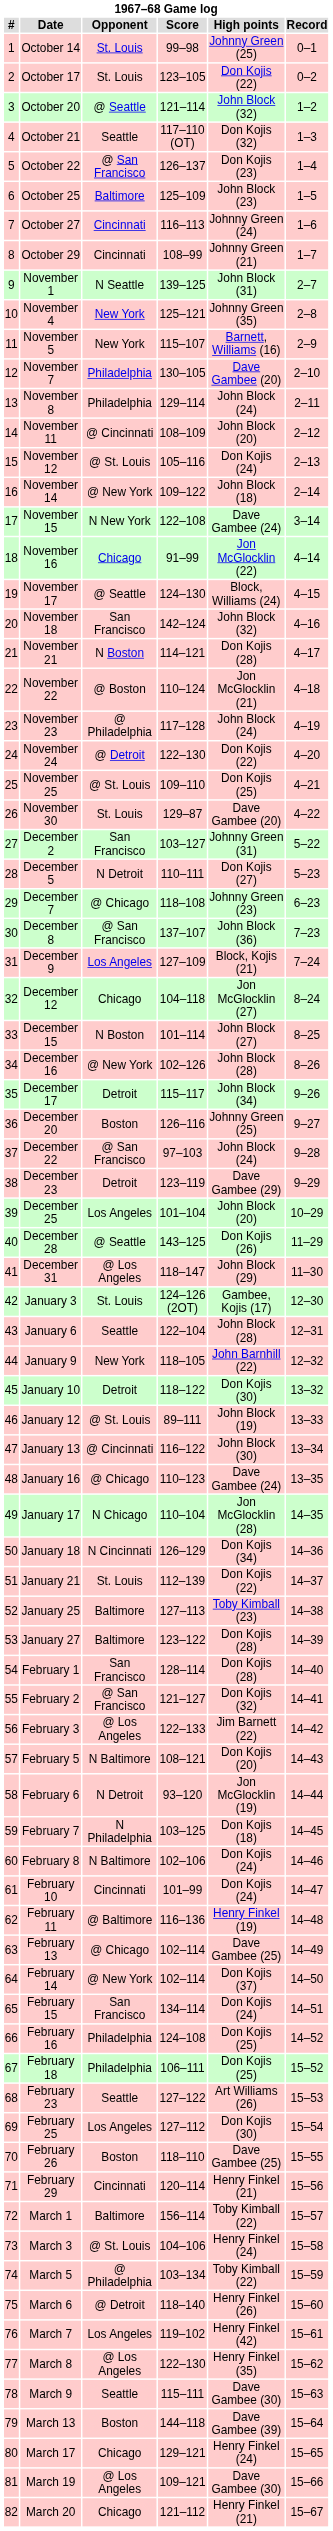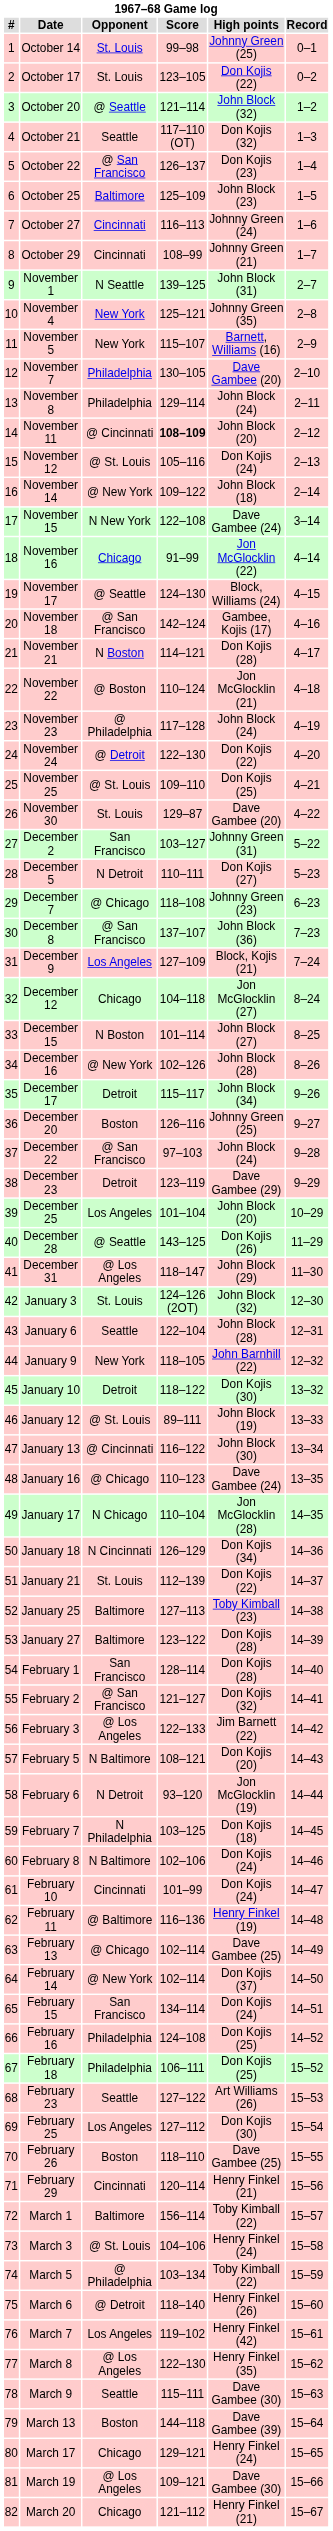 <table class="toccolours collapsible" width=50% style="clear:both; margin:1.5em auto; text-align:center">
 <tr>
 <th colspan=11>1967–68 Game log</th>
 </tr>
 <tr align="center" bgcolor="#dddddd">
 <td><strong>#</strong></td>
 <td><strong>Date</strong></td>
 <td><strong>Opponent</strong></td>
 <td><strong>Score</strong></td>
 <td><strong>High points</strong></td>
 <td><strong>Record</strong></td>
 </tr>
 <tr align="center" bgcolor="ffcccc">
 <td>1</td>
 <td>October 14</td>
 <td><a href='#'>St. Louis</a></td>
 <td>99–98</td>
 <td><a href='#'>Johnny Green</a> (25)</td>
 <td>0–1</td>
 </tr>
 <tr align="center" bgcolor="ffcccc">
 <td>2</td>
 <td>October 17</td>
 <td>St. Louis</td>
 <td>123–105</td>
 <td><a href='#'>Don Kojis</a> (22)</td>
 <td>0–2</td>
 </tr>
 <tr align="center" bgcolor="ccffcc">
 <td>3</td>
 <td>October 20</td>
 <td>@ <a href='#'>Seattle</a></td>
 <td>121–114</td>
 <td><a href='#'>John Block</a> (32)</td>
 <td>1–2</td>
 </tr>
 <tr align="center" bgcolor="ffcccc">
 <td>4</td>
 <td>October 21</td>
 <td>Seattle</td>
 <td>117–110 (OT)</td>
 <td>Don Kojis (32)</td>
 <td>1–3</td>
 </tr>
 <tr align="center" bgcolor="ffcccc">
 <td>5</td>
 <td>October 22</td>
 <td>@ <a href='#'>San Francisco</a></td>
 <td>126–137</td>
 <td>Don Kojis (23)</td>
 <td>1–4</td>
 </tr>
 <tr align="center" bgcolor="ffcccc">
 <td>6</td>
 <td>October 25</td>
 <td><a href='#'>Baltimore</a></td>
 <td>125–109</td>
 <td>John Block (23)</td>
 <td>1–5</td>
 </tr>
 <tr align="center" bgcolor="ffcccc">
 <td>7</td>
 <td>October 27</td>
 <td><a href='#'>Cincinnati</a></td>
 <td>116–113</td>
 <td>Johnny Green (24)</td>
 <td>1–6</td>
 </tr>
 <tr align="center" bgcolor="ffcccc">
 <td>8</td>
 <td>October 29</td>
 <td>Cincinnati</td>
 <td>108–99</td>
 <td>Johnny Green (21)</td>
 <td>1–7</td>
 </tr>
 <tr align="center" bgcolor="ccffcc">
 <td>9</td>
 <td>November 1</td>
 <td>N Seattle</td>
 <td>139–125</td>
 <td>John Block (31)</td>
 <td>2–7</td>
 </tr>
 <tr align="center" bgcolor="ffcccc">
 <td>10</td>
 <td>November 4</td>
 <td><a href='#'>New York</a></td>
 <td>125–121</td>
 <td>Johnny Green (35)</td>
 <td>2–8</td>
 </tr>
 <tr align="center" bgcolor="ffcccc">
 <td>11</td>
 <td>November 5</td>
 <td>New York</td>
 <td>115–107</td>
 <td><a href='#'>Barnett</a>, <a href='#'>Williams</a> (16)</td>
 <td>2–9</td>
 </tr>
 <tr align="center" bgcolor="ffcccc">
 <td>12</td>
 <td>November 7</td>
 <td><a href='#'>Philadelphia</a></td>
 <td>130–105</td>
 <td><a href='#'>Dave Gambee</a> (20)</td>
 <td>2–10</td>
 </tr>
 <tr align="center" bgcolor="ffcccc">
 <td>13</td>
 <td>November 8</td>
 <td>Philadelphia</td>
 <td>129–114</td>
 <td>John Block (24)</td>
 <td>2–11</td>
 </tr>
 <tr align="center" bgcolor="ffcccc">
 <td>14</td>
 <td>November 11</td>
 <td>@ Cincinnati</td>
-<td>108–109</td>
+<td><strong>108–109</strong></td>
 <td>John Block (20)</td>
 <td>2–12</td>
 </tr>
 <tr align="center" bgcolor="ffcccc">
 <td>15</td>
 <td>November 12</td>
 <td>@ St. Louis</td>
 <td>105–116</td>
 <td>Don Kojis (24)</td>
 <td>2–13</td>
 </tr>
 <tr align="center" bgcolor="ffcccc">
 <td>16</td>
 <td>November 14</td>
 <td>@ New York</td>
 <td>109–122</td>
 <td>John Block (18)</td>
 <td>2–14</td>
 </tr>
 <tr align="center" bgcolor="ccffcc">
 <td>17</td>
 <td>November 15</td>
 <td>N New York</td>
 <td>122–108</td>
 <td>Dave Gambee (24)</td>
 <td>3–14</td>
 </tr>
 <tr align="center" bgcolor="ccffcc">
 <td>18</td>
 <td>November 16</td>
 <td><a href='#'>Chicago</a></td>
 <td>91–99</td>
 <td><a href='#'>Jon McGlocklin</a> (22)</td>
 <td>4–14</td>
 </tr>
 <tr align="center" bgcolor="ffcccc">
 <td>19</td>
 <td>November 17</td>
 <td>@ Seattle</td>
 <td>124–130</td>
 <td>Block, Williams (24)</td>
 <td>4–15</td>
 </tr>
 <tr align="center" bgcolor="ffcccc">
 <td>20</td>
 <td>November 18</td>
-<td>San Francisco</td>
+<td>@ San Francisco</td>
 <td>142–124</td>
-<td>John Block (32)</td>
+<td>Gambee, Kojis (17)</td>
 <td>4–16</td>
 </tr>
 <tr align="center" bgcolor="ffcccc">
 <td>21</td>
 <td>November 21</td>
 <td>N <a href='#'>Boston</a></td>
 <td>114–121</td>
 <td>Don Kojis (28)</td>
 <td>4–17</td>
 </tr>
 <tr align="center" bgcolor="ffcccc">
 <td>22</td>
 <td>November 22</td>
 <td>@ Boston</td>
 <td>110–124</td>
 <td>Jon McGlocklin (21)</td>
 <td>4–18</td>
 </tr>
 <tr align="center" bgcolor="ffcccc">
 <td>23</td>
 <td>November 23</td>
 <td>@ Philadelphia</td>
 <td>117–128</td>
 <td>John Block (24)</td>
 <td>4–19</td>
 </tr>
 <tr align="center" bgcolor="ffcccc">
 <td>24</td>
 <td>November 24</td>
 <td>@ <a href='#'>Detroit</a></td>
 <td>122–130</td>
 <td>Don Kojis (22)</td>
 <td>4–20</td>
 </tr>
 <tr align="center" bgcolor="ffcccc">
 <td>25</td>
 <td>November 25</td>
 <td>@ St. Louis</td>
 <td>109–110</td>
 <td>Don Kojis (25)</td>
 <td>4–21</td>
 </tr>
 <tr align="center" bgcolor="ffcccc">
 <td>26</td>
 <td>November 30</td>
 <td>St. Louis</td>
 <td>129–87</td>
 <td>Dave Gambee (20)</td>
 <td>4–22</td>
 </tr>
 <tr align="center" bgcolor="ccffcc">
 <td>27</td>
 <td>December 2</td>
 <td>San Francisco</td>
 <td>103–127</td>
 <td>Johnny Green (31)</td>
 <td>5–22</td>
 </tr>
 <tr align="center" bgcolor="ffcccc">
 <td>28</td>
 <td>December 5</td>
 <td>N Detroit</td>
 <td>110–111</td>
 <td>Don Kojis (27)</td>
 <td>5–23</td>
 </tr>
 <tr align="center" bgcolor="ccffcc">
 <td>29</td>
 <td>December 7</td>
 <td>@ Chicago</td>
 <td>118–108</td>
 <td>Johnny Green (23)</td>
 <td>6–23</td>
 </tr>
 <tr align="center" bgcolor="ccffcc">
 <td>30</td>
 <td>December 8</td>
 <td>@ San Francisco</td>
 <td>137–107</td>
 <td>John Block (36)</td>
 <td>7–23</td>
 </tr>
 <tr align="center" bgcolor="ffcccc">
 <td>31</td>
 <td>December 9</td>
 <td><a href='#'>Los Angeles</a></td>
 <td>127–109</td>
 <td>Block, Kojis (21)</td>
 <td>7–24</td>
 </tr>
 <tr align="center" bgcolor="ccffcc">
 <td>32</td>
 <td>December 12</td>
 <td>Chicago</td>
 <td>104–118</td>
 <td>Jon McGlocklin (27)</td>
 <td>8–24</td>
 </tr>
 <tr align="center" bgcolor="ffcccc">
 <td>33</td>
 <td>December 15</td>
 <td>N Boston</td>
 <td>101–114</td>
 <td>John Block (27)</td>
 <td>8–25</td>
 </tr>
 <tr align="center" bgcolor="ffcccc">
 <td>34</td>
 <td>December 16</td>
 <td>@ New York</td>
 <td>102–126</td>
 <td>John Block (28)</td>
 <td>8–26</td>
 </tr>
 <tr align="center" bgcolor="ccffcc">
 <td>35</td>
 <td>December 17</td>
 <td>Detroit</td>
 <td>115–117</td>
 <td>John Block (34)</td>
 <td>9–26</td>
 </tr>
 <tr align="center" bgcolor="ffcccc">
 <td>36</td>
 <td>December 20</td>
 <td>Boston</td>
 <td>126–116</td>
 <td>Johnny Green (25)</td>
 <td>9–27</td>
 </tr>
 <tr align="center" bgcolor="ffcccc">
 <td>37</td>
 <td>December 22</td>
 <td>@ San Francisco</td>
 <td>97–103</td>
 <td>John Block (24)</td>
 <td>9–28</td>
 </tr>
 <tr align="center" bgcolor="ffcccc">
 <td>38</td>
 <td>December 23</td>
 <td>Detroit</td>
 <td>123–119</td>
 <td>Dave Gambee (29)</td>
 <td>9–29</td>
 </tr>
 <tr align="center" bgcolor="ccffcc">
 <td>39</td>
 <td>December 25</td>
 <td>Los Angeles</td>
 <td>101–104</td>
 <td>John Block (20)</td>
 <td>10–29</td>
 </tr>
 <tr align="center" bgcolor="ccffcc">
 <td>40</td>
 <td>December 28</td>
 <td>@ Seattle</td>
 <td>143–125</td>
 <td>Don Kojis (26)</td>
 <td>11–29</td>
 </tr>
 <tr align="center" bgcolor="ffcccc">
 <td>41</td>
 <td>December 31</td>
 <td>@ Los Angeles</td>
 <td>118–147</td>
 <td>John Block (29)</td>
 <td>11–30</td>
 </tr>
 <tr align="center" bgcolor="ccffcc">
 <td>42</td>
 <td>January 3</td>
 <td>St. Louis</td>
 <td>124–126 (2OT)</td>
-<td>Gambee, Kojis (17)</td>
+<td>John Block (32)</td>
 <td>12–30</td>
 </tr>
 <tr align="center" bgcolor="ffcccc">
 <td>43</td>
 <td>January 6</td>
 <td>Seattle</td>
 <td>122–104</td>
 <td>John Block (28)</td>
 <td>12–31</td>
 </tr>
 <tr align="center" bgcolor="ffcccc">
 <td>44</td>
 <td>January 9</td>
 <td>New York</td>
 <td>118–105</td>
 <td><a href='#'>John Barnhill</a> (22)</td>
 <td>12–32</td>
 </tr>
 <tr align="center" bgcolor="ccffcc">
 <td>45</td>
 <td>January 10</td>
 <td>Detroit</td>
 <td>118–122</td>
 <td>Don Kojis (30)</td>
 <td>13–32</td>
 </tr>
 <tr align="center" bgcolor="ffcccc">
 <td>46</td>
 <td>January 12</td>
 <td>@ St. Louis</td>
 <td>89–111</td>
 <td>John Block (19)</td>
 <td>13–33</td>
 </tr>
 <tr align="center" bgcolor="ffcccc">
 <td>47</td>
 <td>January 13</td>
 <td>@ Cincinnati</td>
 <td>116–122</td>
 <td>John Block (30)</td>
 <td>13–34</td>
 </tr>
 <tr align="center" bgcolor="ffcccc">
 <td>48</td>
 <td>January 16</td>
 <td>@ Chicago</td>
 <td>110–123</td>
 <td>Dave Gambee (24)</td>
 <td>13–35</td>
 </tr>
 <tr align="center" bgcolor="ccffcc">
 <td>49</td>
 <td>January 17</td>
 <td>N Chicago</td>
 <td>110–104</td>
 <td>Jon McGlocklin (28)</td>
 <td>14–35</td>
 </tr>
 <tr align="center" bgcolor="ffcccc">
 <td>50</td>
 <td>January 18</td>
 <td>N Cincinnati</td>
 <td>126–129</td>
 <td>Don Kojis (34)</td>
 <td>14–36</td>
 </tr>
 <tr align="center" bgcolor="ffcccc">
 <td>51</td>
 <td>January 21</td>
 <td>St. Louis</td>
 <td>112–139</td>
 <td>Don Kojis (22)</td>
 <td>14–37</td>
 </tr>
 <tr align="center" bgcolor="ffcccc">
 <td>52</td>
 <td>January 25</td>
 <td>Baltimore</td>
 <td>127–113</td>
 <td><a href='#'>Toby Kimball</a> (23)</td>
 <td>14–38</td>
 </tr>
 <tr align="center" bgcolor="ffcccc">
 <td>53</td>
 <td>January 27</td>
 <td>Baltimore</td>
 <td>123–122</td>
 <td>Don Kojis (28)</td>
 <td>14–39</td>
 </tr>
 <tr align="center" bgcolor="ffcccc">
 <td>54</td>
 <td>February 1</td>
 <td>San Francisco</td>
 <td>128–114</td>
 <td>Don Kojis (28)</td>
 <td>14–40</td>
 </tr>
 <tr align="center" bgcolor="ffcccc">
 <td>55</td>
 <td>February 2</td>
 <td>@ San Francisco</td>
 <td>121–127</td>
 <td>Don Kojis (32)</td>
 <td>14–41</td>
 </tr>
 <tr align="center" bgcolor="ffcccc">
 <td>56</td>
 <td>February 3</td>
 <td>@ Los Angeles</td>
 <td>122–133</td>
 <td>Jim Barnett (22)</td>
 <td>14–42</td>
 </tr>
 <tr align="center" bgcolor="ffcccc">
 <td>57</td>
 <td>February 5</td>
 <td>N Baltimore</td>
 <td>108–121</td>
 <td>Don Kojis (20)</td>
 <td>14–43</td>
 </tr>
 <tr align="center" bgcolor="ffcccc">
 <td>58</td>
 <td>February 6</td>
 <td>N Detroit</td>
 <td>93–120</td>
 <td>Jon McGlocklin (19)</td>
 <td>14–44</td>
 </tr>
 <tr align="center" bgcolor="ffcccc">
 <td>59</td>
 <td>February 7</td>
 <td>N Philadelphia</td>
 <td>103–125</td>
 <td>Don Kojis (18)</td>
 <td>14–45</td>
 </tr>
 <tr align="center" bgcolor="ffcccc">
 <td>60</td>
 <td>February 8</td>
 <td>N Baltimore</td>
 <td>102–106</td>
 <td>Don Kojis (24)</td>
 <td>14–46</td>
 </tr>
 <tr align="center" bgcolor="ffcccc">
 <td>61</td>
 <td>February 10</td>
 <td>Cincinnati</td>
 <td>101–99</td>
 <td>Don Kojis (24)</td>
 <td>14–47</td>
 </tr>
 <tr align="center" bgcolor="ffcccc">
 <td>62</td>
 <td>February 11</td>
 <td>@ Baltimore</td>
 <td>116–136</td>
 <td><a href='#'>Henry Finkel</a> (19)</td>
 <td>14–48</td>
 </tr>
 <tr align="center" bgcolor="ffcccc">
 <td>63</td>
 <td>February 13</td>
 <td>@ Chicago</td>
 <td>102–114</td>
 <td>Dave Gambee (25)</td>
 <td>14–49</td>
 </tr>
 <tr align="center" bgcolor="ffcccc">
 <td>64</td>
 <td>February 14</td>
 <td>@ New York</td>
 <td>102–114</td>
 <td>Don Kojis (37)</td>
 <td>14–50</td>
 </tr>
 <tr align="center" bgcolor="ffcccc">
 <td>65</td>
 <td>February 15</td>
 <td>San Francisco</td>
 <td>134–114</td>
 <td>Don Kojis (24)</td>
 <td>14–51</td>
 </tr>
 <tr align="center" bgcolor="ffcccc">
 <td>66</td>
 <td>February 16</td>
 <td>Philadelphia</td>
 <td>124–108</td>
 <td>Don Kojis (25)</td>
 <td>14–52</td>
 </tr>
 <tr align="center" bgcolor="ccffcc">
 <td>67</td>
 <td>February 18</td>
 <td>Philadelphia</td>
 <td>106–111</td>
 <td>Don Kojis (25)</td>
 <td>15–52</td>
 </tr>
 <tr align="center" bgcolor="ffcccc">
 <td>68</td>
 <td>February 23</td>
 <td>Seattle</td>
 <td>127–122</td>
 <td>Art Williams (26)</td>
 <td>15–53</td>
 </tr>
 <tr align="center" bgcolor="ffcccc">
 <td>69</td>
 <td>February 25</td>
 <td>Los Angeles</td>
 <td>127–112</td>
 <td>Don Kojis (30)</td>
 <td>15–54</td>
 </tr>
 <tr align="center" bgcolor="ffcccc">
 <td>70</td>
 <td>February 26</td>
 <td>Boston</td>
 <td>118–110</td>
 <td>Dave Gambee (25)</td>
 <td>15–55</td>
 </tr>
 <tr align="center" bgcolor="ffcccc">
 <td>71</td>
 <td>February 29</td>
 <td>Cincinnati</td>
 <td>120–114</td>
 <td>Henry Finkel (21)</td>
 <td>15–56</td>
 </tr>
 <tr align="center" bgcolor="ffcccc">
 <td>72</td>
 <td>March 1</td>
 <td>Baltimore</td>
 <td>156–114</td>
 <td>Toby Kimball (22)</td>
 <td>15–57</td>
 </tr>
 <tr align="center" bgcolor="ffcccc">
 <td>73</td>
 <td>March 3</td>
 <td>@ St. Louis</td>
 <td>104–106</td>
 <td>Henry Finkel (24)</td>
 <td>15–58</td>
 </tr>
 <tr align="center" bgcolor="ffcccc">
 <td>74</td>
 <td>March 5</td>
 <td>@ Philadelphia</td>
 <td>103–134</td>
 <td>Toby Kimball (22)</td>
 <td>15–59</td>
 </tr>
 <tr align="center" bgcolor="ffcccc">
 <td>75</td>
 <td>March 6</td>
 <td>@ Detroit</td>
 <td>118–140</td>
 <td>Henry Finkel (26)</td>
 <td>15–60</td>
 </tr>
 <tr align="center" bgcolor="ffcccc">
 <td>76</td>
 <td>March 7</td>
 <td>Los Angeles</td>
 <td>119–102</td>
 <td>Henry Finkel (42)</td>
 <td>15–61</td>
 </tr>
 <tr align="center" bgcolor="ffcccc">
 <td>77</td>
 <td>March 8</td>
 <td>@ Los Angeles</td>
 <td>122–130</td>
 <td>Henry Finkel (35)</td>
 <td>15–62</td>
 </tr>
 <tr align="center" bgcolor="ffcccc">
 <td>78</td>
 <td>March 9</td>
 <td>Seattle</td>
 <td>115–111</td>
 <td>Dave Gambee (30)</td>
 <td>15–63</td>
 </tr>
 <tr align="center" bgcolor="ffcccc">
 <td>79</td>
 <td>March 13</td>
 <td>Boston</td>
 <td>144–118</td>
 <td>Dave Gambee (39)</td>
 <td>15–64</td>
 </tr>
 <tr align="center" bgcolor="ffcccc">
 <td>80</td>
 <td>March 17</td>
 <td>Chicago</td>
 <td>129–121</td>
 <td>Henry Finkel (24)</td>
 <td>15–65</td>
 </tr>
 <tr align="center" bgcolor="ffcccc">
 <td>81</td>
 <td>March 19</td>
 <td>@ Los Angeles</td>
 <td>109–121</td>
 <td>Dave Gambee (30)</td>
 <td>15–66</td>
 </tr>
 <tr align="center" bgcolor="ffcccc">
 <td>82</td>
 <td>March 20</td>
 <td>Chicago</td>
 <td>121–112</td>
 <td>Henry Finkel (21)</td>
 <td>15–67</td>
 </tr>
 </table>
